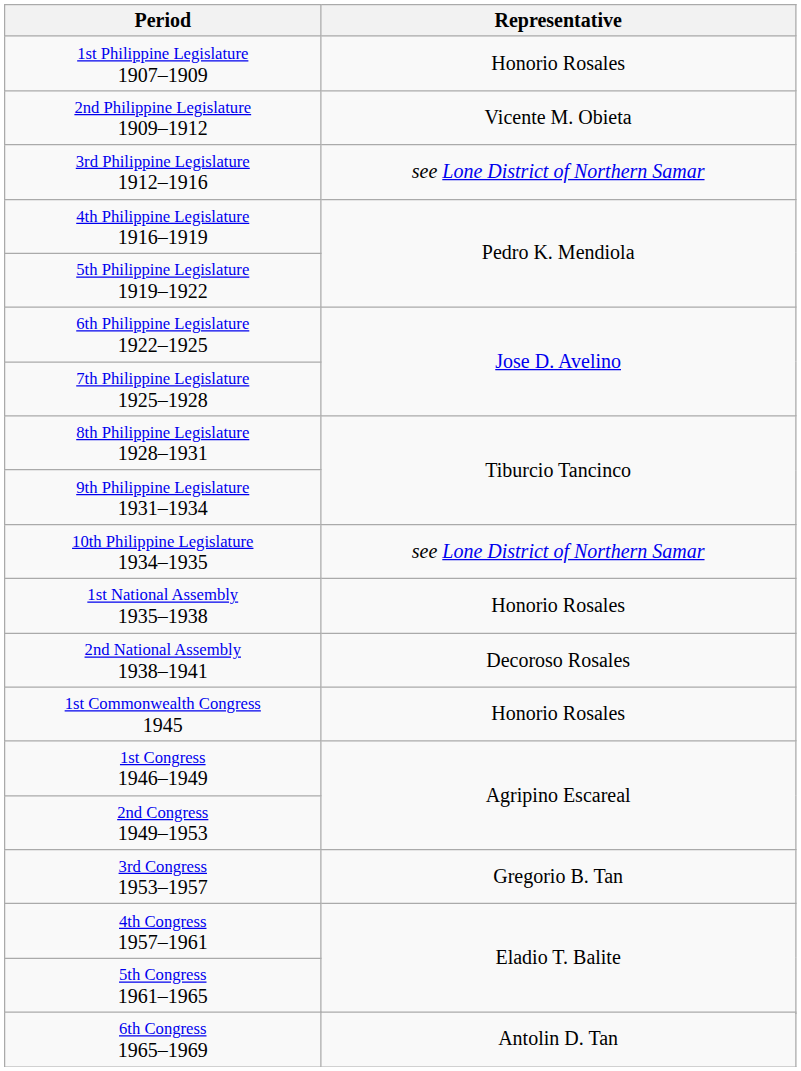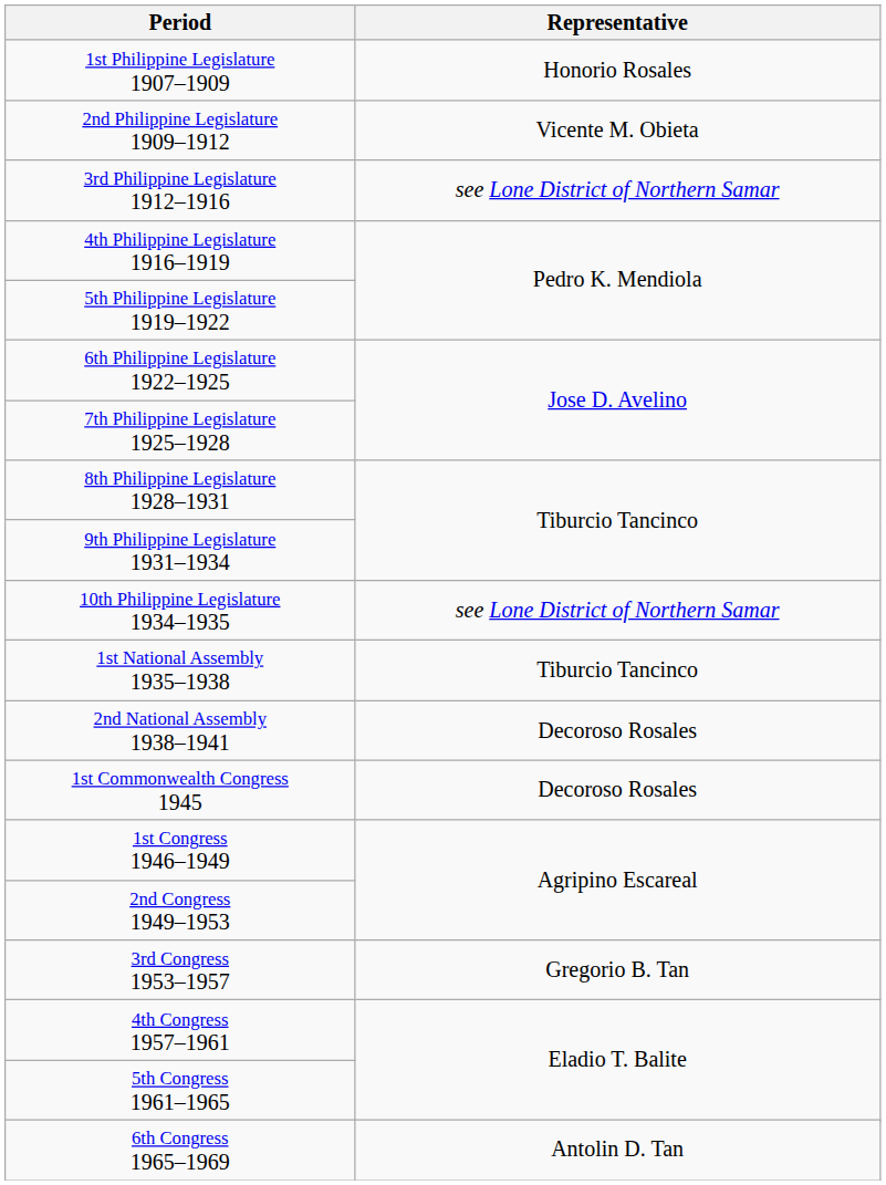 <table class="wikitable" style="text-align:center; width:40%;">
 <tr>
 <th width="40%">Period</th>
 <th>Representative</th>
 </tr>
 <tr>
 <td><small><a href='#'>1st Philippine Legislature</a></small><br>1907–1909</td>
 <td>Honorio Rosales</td>
 </tr>
 <tr>
 <td><small><a href='#'>2nd Philippine Legislature</a></small><br>1909–1912</td>
 <td>Vicente M. Obieta</td>
 </tr>
 <tr>
 <td><small><a href='#'>3rd Philippine Legislature</a></small><br>1912–1916</td>
 <td><em>see <a href='#'>Lone District of Northern Samar</a></em></td>
 </tr>
 <tr>
 <td><small><a href='#'>4th Philippine Legislature</a></small><br>1916–1919</td>
 <td rowspan="2">Pedro K. Mendiola</td>
 </tr>
 <tr>
 <td><small><a href='#'>5th Philippine Legislature</a></small><br>1919–1922</td>
 </tr>
 <tr>
 <td><small><a href='#'>6th Philippine Legislature</a></small><br>1922–1925</td>
 <td rowspan="2"><a href='#'>Jose D. Avelino</a></td>
 </tr>
 <tr>
 <td><small><a href='#'>7th Philippine Legislature</a></small><br>1925–1928</td>
 </tr>
 <tr>
 <td><small><a href='#'>8th Philippine Legislature</a></small><br>1928–1931</td>
 <td rowspan="2">Tiburcio Tancinco</td>
 </tr>
 <tr>
 <td><small><a href='#'>9th Philippine Legislature</a></small><br>1931–1934</td>
 </tr>
 <tr>
 <td><small><a href='#'>10th Philippine Legislature</a></small><br>1934–1935</td>
 <td><em>see <a href='#'>Lone District of Northern Samar</a></em></td>
 </tr>
 <tr>
 <td><small><a href='#'>1st National Assembly</a></small><br>1935–1938</td>
-<td>Honorio Rosales</td>
+<td>Tiburcio Tancinco</td>
 </tr>
 <tr>
 <td><small><a href='#'>2nd National Assembly</a></small><br>1938–1941</td>
 <td>Decoroso Rosales</td>
 </tr>
 <tr>
 <td><small><a href='#'>1st Commonwealth Congress</a></small><br>1945</td>
-<td>Honorio Rosales</td>
+<td>Decoroso Rosales</td>
 </tr>
 <tr>
 <td><small><a href='#'>1st Congress</a></small><br>1946–1949</td>
 <td rowspan="2">Agripino Escareal</td>
 </tr>
 <tr>
 <td><small><a href='#'>2nd Congress</a></small><br>1949–1953</td>
 </tr>
 <tr>
 <td><small><a href='#'>3rd Congress</a></small><br>1953–1957</td>
 <td>Gregorio B. Tan</td>
 </tr>
 <tr>
 <td><small><a href='#'>4th Congress</a></small><br>1957–1961</td>
 <td rowspan="3">Eladio T. Balite</td>
 </tr>
 <tr>
 <td><small><a href='#'>5th Congress</a></small><br>1961–1965</td>
 </tr>
 <tr>
 <td rowspan="2"><small><a href='#'>6th Congress</a></small><br>1965–1969</td>
 </tr>
 <tr>
 <td>Antolin D. Tan</td>
 </tr>
 </table>
